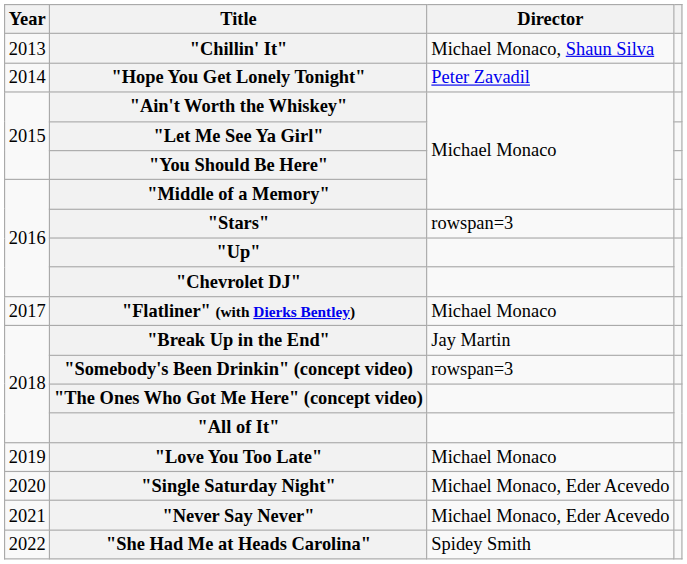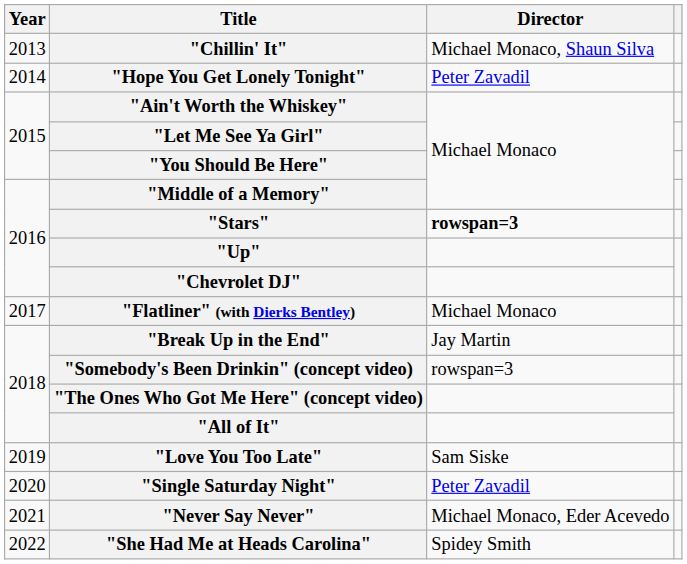 <table class="wikitable plainrowheaders">
 <tr>
 <th scope="col">Year</th>
 <th scope="col">Title</th>
 <th scope="col">Director</th>
 <th scope="col"></th>
 </tr>
 <tr>
 <td>2013</td>
 <th scope="row">"Chillin' It"</th>
 <td>Michael Monaco, <a href='#'>Shaun Silva</a></td>
 <td></td>
 </tr>
 <tr>
 <td>2014</td>
 <th scope="row">"Hope You Get Lonely Tonight"</th>
 <td><a href='#'>Peter Zavadil</a></td>
 <td></td>
 </tr>
 <tr>
 <td rowspan="3">2015</td>
 <th scope="row">"Ain't Worth the Whiskey"</th>
 <td rowspan="4">Michael Monaco</td>
 <td></td>
 </tr>
 <tr>
 <th scope="row">"Let Me See Ya Girl"</th>
 <td></td>
 </tr>
 <tr>
 <th scope="row">"You Should Be Here"</th>
 <td></td>
 </tr>
 <tr>
 <td rowspan="4">2016</td>
 <th scope="row">"Middle of a Memory"</th>
 <td></td>
 </tr>
 <tr>
 <th scope="row">"Stars"</th>
-<td>rowspan=3 </td>
+<td><strong>rowspan=3 </strong></td>
 <td></td>
 </tr>
 <tr>
 <th scope="row">"Up"</th>
 <td></td>
 </tr>
 <tr>
 <th scope="row">"Chevrolet DJ"</th>
 <td></td>
 </tr>
 <tr>
 <td>2017</td>
 <th scope="row">"Flatliner" <small>(with <a href='#'>Dierks Bentley</a>)</small></th>
 <td>Michael Monaco</td>
 <td></td>
 </tr>
 <tr>
 <td rowspan="4">2018</td>
 <th scope="row">"Break Up in the End"</th>
 <td>Jay Martin</td>
 <td></td>
 </tr>
 <tr>
 <th scope="row">"Somebody's Been Drinkin" (concept video)</th>
 <td>rowspan=3 </td>
 <td></td>
 </tr>
 <tr>
 <th scope="row">"The Ones Who Got Me Here" (concept video)</th>
 <td></td>
 </tr>
 <tr>
 <th scope="row">"All of It"</th>
 <td></td>
 </tr>
 <tr>
 <td>2019</td>
 <th scope="row">"Love You Too Late"</th>
-<td>Michael Monaco</td>
+<td>Sam Siske</td>
 <td></td>
 </tr>
 <tr>
 <td>2020</td>
 <th scope="row">"Single Saturday Night"</th>
-<td>Michael Monaco, Eder Acevedo</td>
+<td><a href='#'>Peter Zavadil</a></td>
 <td></td>
 </tr>
 <tr>
 <td>2021</td>
 <th scope="row">"Never Say Never" </th>
 <td>Michael Monaco, Eder Acevedo</td>
 </tr>
 <tr>
 <td>2022</td>
 <th scope="row">"She Had Me at Heads Carolina"</th>
 <td>Spidey Smith</td>
 <td></td>
 </tr>
 </table>
